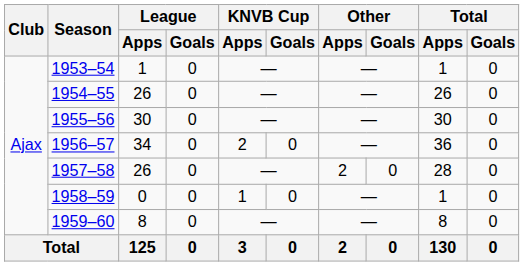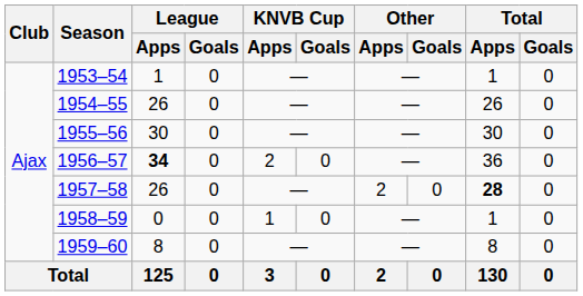 <table class="wikitable" style="text-align:center">
 <tr>
 <th rowspan="2">Club</th>
 <th rowspan="2">Season</th>
 <th colspan="2">League</th>
 <th colspan="2">KNVB Cup</th>
 <th colspan="2">Other</th>
 <th colspan="2">Total</th>
 </tr>
 <tr>
 <th>Apps</th>
 <th>Goals</th>
 <th>Apps</th>
 <th>Goals</th>
 <th>Apps</th>
 <th>Goals</th>
 <th>Apps</th>
 <th>Goals</th>
 </tr>
 <tr>
 <td rowspan="7"><a href='#'>Ajax</a></td>
 <td><a href='#'>1953–54</a></td>
 <td>1</td>
 <td>0</td>
 <td colspan="2">—</td>
 <td colspan="2">—</td>
 <td>1</td>
 <td>0</td>
 </tr>
 <tr>
 <td><a href='#'>1954–55</a></td>
 <td>26</td>
 <td>0</td>
 <td colspan="2">—</td>
 <td colspan="2">—</td>
 <td>26</td>
 <td>0</td>
 </tr>
 <tr>
 <td><a href='#'>1955–56</a></td>
 <td>30</td>
 <td>0</td>
 <td colspan="2">—</td>
 <td colspan="2">—</td>
 <td>30</td>
 <td>0</td>
 </tr>
 <tr>
 <td><a href='#'>1956–57</a></td>
-<td>34</td>
+<td><strong>34</strong></td>
 <td>0</td>
 <td>2</td>
 <td>0</td>
 <td colspan="2">—</td>
 <td>36</td>
 <td>0</td>
 </tr>
 <tr>
 <td><a href='#'>1957–58</a></td>
 <td>26</td>
 <td>0</td>
 <td colspan="2">—</td>
 <td>2</td>
 <td>0</td>
-<td>28</td>
+<td><strong>28</strong></td>
 <td>0</td>
 </tr>
 <tr>
 <td><a href='#'>1958–59</a></td>
 <td>0</td>
 <td>0</td>
 <td>1</td>
 <td>0</td>
 <td colspan="2">—</td>
 <td>1</td>
 <td>0</td>
 </tr>
 <tr>
 <td><a href='#'>1959–60</a></td>
 <td>8</td>
 <td>0</td>
 <td colspan="2">—</td>
 <td colspan="2">—</td>
 <td>8</td>
 <td>0</td>
 </tr>
 <tr>
 <th colspan="2">Total</th>
 <th>125</th>
 <th>0</th>
 <th>3</th>
 <th>0</th>
 <th>2</th>
 <th>0</th>
 <th>130</th>
 <th>0</th>
 </tr>
 </table>
